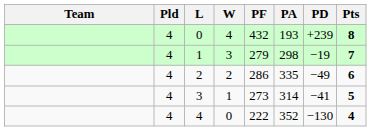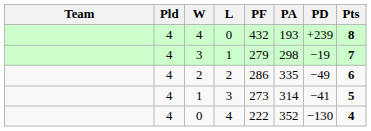 <table class=wikitable style="text-align:center">
 <tr>
 <th width=180>Team</th>
 <th width=30>Pld</th>
+<th width=30>W</th>
 <th width=30>L</th>
-<th width=30>W</th>
 <th width=30>PF</th>
 <th width=30>PA</th>
 <th width=30>PD</th>
 <th width=30>Pts</th>
 </tr>
 <tr bgcolor="#ccffcc">
 <td align="left"></td>
 <td>4</td>
+<td>4</td>
 <td>0</td>
-<td>4</td>
 <td>432</td>
 <td>193</td>
 <td>+239</td>
 <td><strong>8</strong></td>
 </tr>
 <tr bgcolor="#ccffcc">
 <td align="left"></td>
 <td>4</td>
+<td>3</td>
 <td>1</td>
-<td>3</td>
 <td>279</td>
 <td>298</td>
 <td>−19</td>
 <td><strong>7</strong></td>
 </tr>
 <tr>
 <td align="left"></td>
 <td>4</td>
 <td>2</td>
 <td>2</td>
 <td>286</td>
 <td>335</td>
 <td>−49</td>
 <td><strong>6</strong></td>
 </tr>
 <tr>
 <td align="left"></td>
 <td>4</td>
+<td>1</td>
 <td>3</td>
-<td>1</td>
 <td>273</td>
 <td>314</td>
 <td>−41</td>
 <td><strong>5</strong></td>
 </tr>
 <tr>
 <td align="left"></td>
 <td>4</td>
+<td>0</td>
 <td>4</td>
-<td>0</td>
 <td>222</td>
 <td>352</td>
 <td>−130</td>
 <td><strong>4</strong></td>
 </tr>
 </table>
